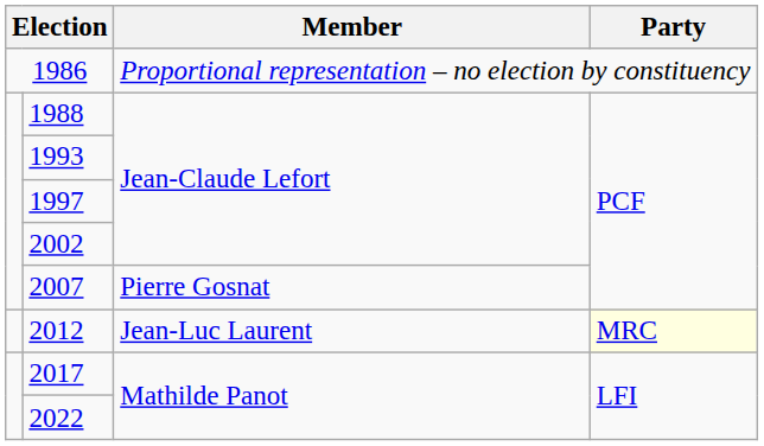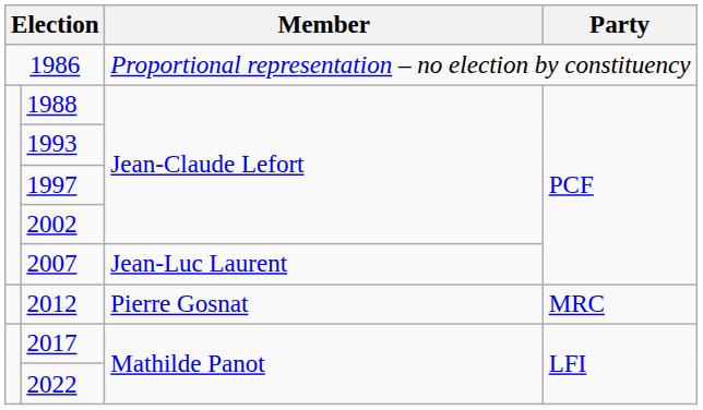 <table class="wikitable">
 <tr>
 <th colspan="2">Election</th>
 <th>Member</th>
 <th>Party</th>
 </tr>
 <tr>
 <td colspan="2" align="center"><a href='#'>1986</a></td>
 <td colspan="2"><em><a href='#'>Proportional representation</a> – no election by constituency</em></td>
 </tr>
 <tr>
 <td rowspan="5" style="color:inherit;background-color: "></td>
 <td><a href='#'>1988</a></td>
 <td rowspan="4"><a href='#'>Jean-Claude Lefort</a></td>
 <td rowspan="5"><a href='#'>PCF</a></td>
 </tr>
 <tr>
 <td><a href='#'>1993</a></td>
 </tr>
 <tr>
 <td><a href='#'>1997</a></td>
 </tr>
 <tr>
 <td><a href='#'>2002</a></td>
 </tr>
 <tr>
 <td><a href='#'>2007</a></td>
-<td><a href='#'>Pierre Gosnat</a></td>
+<td><a href='#'>Jean-Luc Laurent</a></td>
 </tr>
 <tr>
 <td style="color:inherit;background-color: "></td>
 <td><a href='#'>2012</a></td>
-<td><a href='#'>Jean-Luc Laurent</a></td>
-<td style="background: lightyellow;"><a href='#'>MRC</a></td>
+<td><a href='#'>Pierre Gosnat</a></td>
+<td><a href='#'>MRC</a></td>
 </tr>
 <tr>
 <td rowspan="2" style="color:inherit;background-color: "></td>
 <td><a href='#'>2017</a></td>
 <td rowspan="2"><a href='#'>Mathilde Panot</a></td>
 <td rowspan="2"><a href='#'>LFI</a></td>
 </tr>
 <tr>
 <td><a href='#'>2022</a></td>
 </tr>
 </table>
